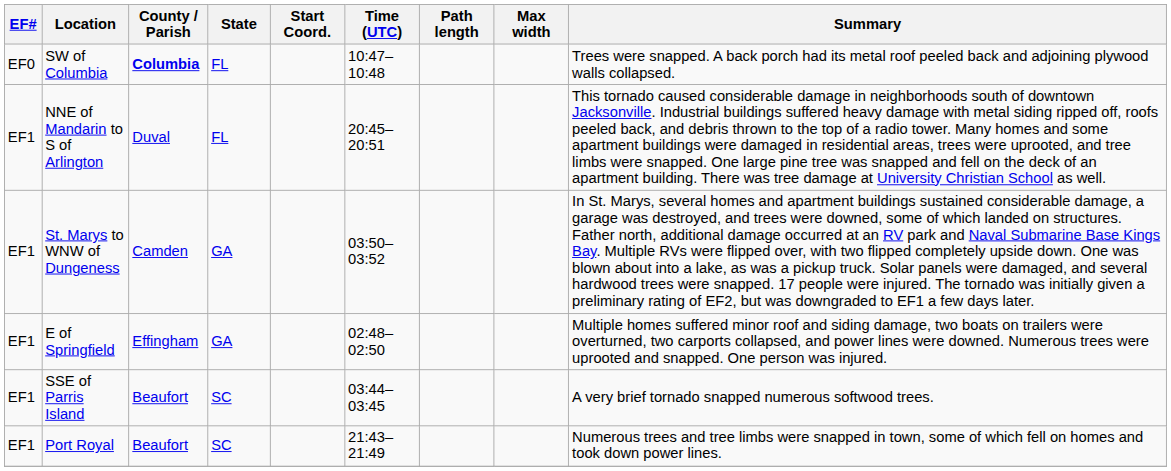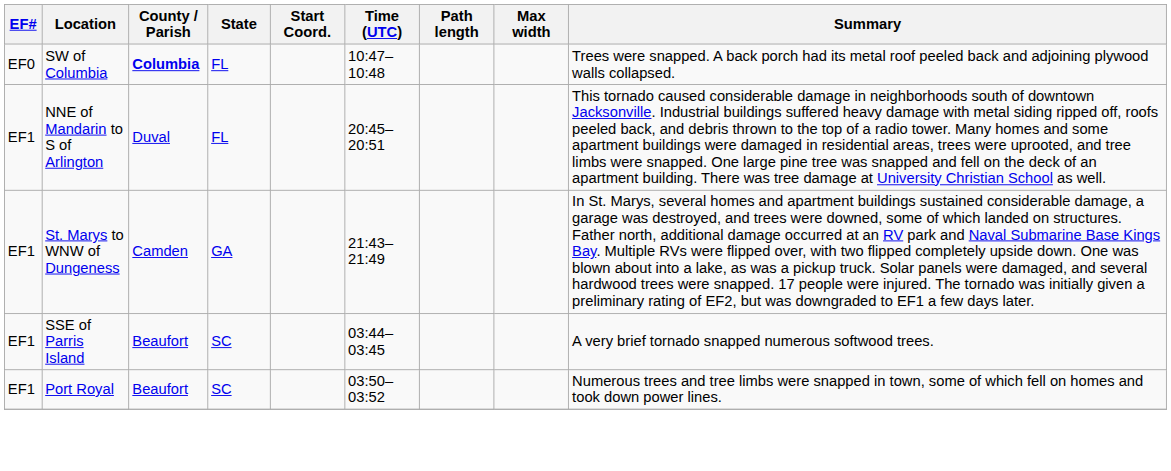 <table class="wikitable sortable" style="width:100%;">
 <tr>
 <th scope="col"  style="width:3%; text-align:center;"><a href='#'>EF#</a></th>
 <th scope="col"  style="width:7%; text-align:center;" class="unsortable">Location</th>
 <th scope="col"  style="width:6%; text-align:center;" class="unsortable">County / Parish</th>
 <th scope="col"  style="width:5%; text-align:center;">State</th>
 <th scope="col"  style="width:6%; text-align:center;">Start Coord.</th>
 <th scope="col"  style="width:6%; text-align:center;">Time (<a href='#'>UTC</a>)</th>
 <th scope="col"  style="width:6%; text-align:center;">Path length</th>
 <th scope="col"  style="width:6%; text-align:center;">Max width</th>
 <th scope="col" class="unsortable" style="width:48%; text-align:center;">Summary</th>
 </tr>
 <tr>
 <td>EF0</td>
 <td>SW of <a href='#'>Columbia</a></td>
 <td><strong><a href='#'>Columbia</a></strong></td>
 <td><a href='#'>FL</a></td>
 <td></td>
 <td>10:47–10:48</td>
 <td></td>
 <td></td>
 <td>Trees were snapped. A back porch had its metal roof peeled back and adjoining plywood walls collapsed.</td>
 </tr>
 <tr>
 <td>EF1</td>
 <td>NNE of <a href='#'>Mandarin</a> to S of <a href='#'>Arlington</a></td>
 <td><a href='#'>Duval</a></td>
 <td><a href='#'>FL</a></td>
 <td></td>
 <td>20:45–20:51</td>
 <td></td>
 <td></td>
 <td>This tornado caused considerable damage in neighborhoods south of downtown <a href='#'>Jacksonville</a>. Industrial buildings suffered heavy damage with metal siding ripped off, roofs peeled back, and debris thrown to the top of a radio tower. Many homes and some apartment buildings were damaged in residential areas, trees were uprooted, and tree limbs were snapped. One large pine tree was snapped and fell on the deck of an apartment building. There was tree damage at <a href='#'>University Christian School</a> as well.</td>
 </tr>
 <tr>
 <td>EF1</td>
 <td><a href='#'>St. Marys</a> to WNW of <a href='#'>Dungeness</a></td>
 <td><a href='#'>Camden</a></td>
 <td><a href='#'>GA</a></td>
 <td></td>
-<td>03:50–03:52</td>
+<td>21:43–21:49</td>
 <td></td>
 <td></td>
 <td>In St. Marys, several homes and apartment buildings sustained considerable damage, a garage was destroyed, and trees were downed, some of which landed on structures. Father north, additional damage occurred at an <a href='#'>RV</a> park and <a href='#'>Naval Submarine Base Kings Bay</a>. Multiple RVs were flipped over, with two flipped completely upside down. One was blown about  into a lake, as was a pickup truck. Solar panels were damaged, and several hardwood trees were snapped. 17 people were injured. The tornado was initially given a preliminary rating of EF2, but was downgraded to EF1 a few days later.</td>
-</tr>
-<tr>
-<td>EF1</td>
-<td>E of <a href='#'>Springfield</a></td>
-<td><a href='#'>Effingham</a></td>
-<td><a href='#'>GA</a></td>
-<td></td>
-<td>02:48–02:50</td>
-<td></td>
-<td></td>
-<td>Multiple homes suffered minor roof and siding damage, two boats on trailers were overturned, two carports collapsed, and power lines were downed. Numerous trees were uprooted and snapped. One person was injured.</td>
 </tr>
 <tr>
 <td>EF1</td>
 <td>SSE of <a href='#'>Parris Island</a></td>
 <td><a href='#'>Beaufort</a></td>
 <td><a href='#'>SC</a></td>
 <td></td>
 <td>03:44–03:45</td>
 <td></td>
 <td></td>
 <td>A very brief tornado snapped numerous softwood trees.</td>
 </tr>
 <tr>
 <td>EF1</td>
 <td><a href='#'>Port Royal</a></td>
 <td><a href='#'>Beaufort</a></td>
 <td><a href='#'>SC</a></td>
 <td></td>
-<td>21:43–21:49</td>
+<td>03:50–03:52</td>
 <td></td>
 <td></td>
 <td>Numerous trees and tree limbs were snapped in town, some of which fell on homes and took down power lines.</td>
 </tr>
 <tr>
 </tr>
 </table>
